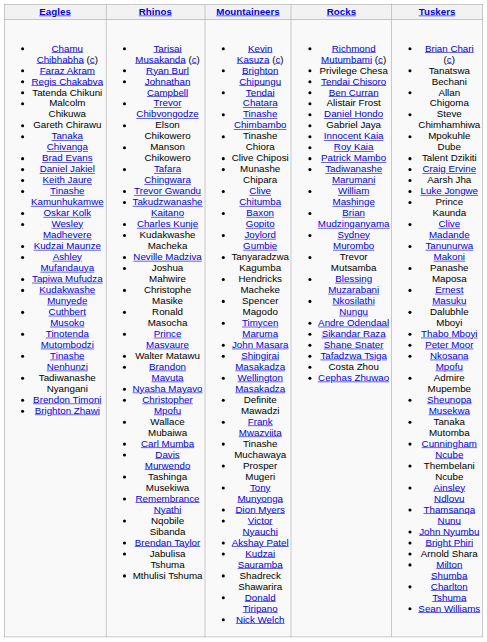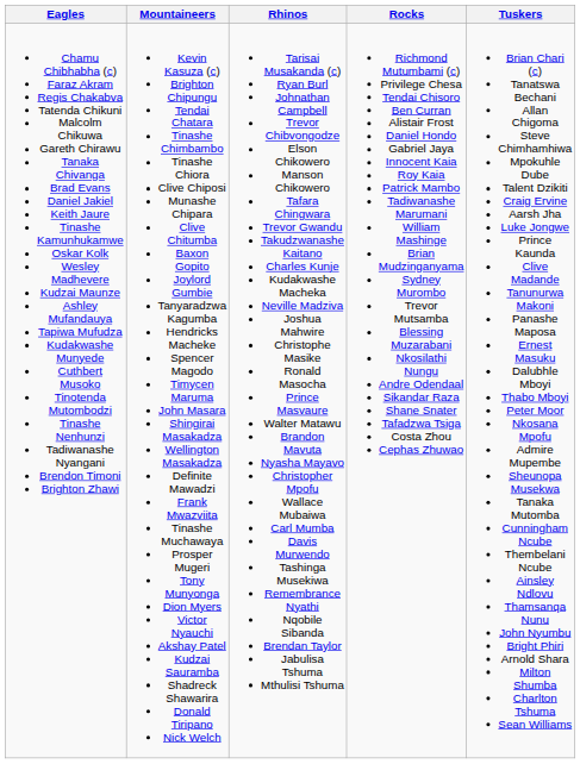 <table class="wikitable" style="text-align:center; margin:auto">
 <tr>
 <th><a href='#'>Eagles</a></th>
+<th><a href='#'>Mountaineers</a></th>
 <th><a href='#'>Rhinos</a></th>
-<th><a href='#'>Mountaineers</a></th>
 <th><a href='#'>Rocks</a></th>
 <th><a href='#'>Tuskers</a></th>
 </tr>
 <tr style="vertical-align:top">
 <td><br><ul><li><a href='#'>Chamu Chibhabha</a> (<a href='#'>c</a>)</li><li><a href='#'>Faraz Akram</a></li><li><a href='#'>Regis Chakabva</a></li><li>Tatenda Chikuni</li><li>Malcolm Chikuwa</li><li>Gareth Chirawu</li><li><a href='#'>Tanaka Chivanga</a></li><li><a href='#'>Brad Evans</a></li><li><a href='#'>Daniel Jakiel</a></li><li><a href='#'>Keith Jaure</a></li><li><a href='#'>Tinashe Kamunhukamwe</a></li><li><a href='#'>Oskar Kolk</a></li><li><a href='#'>Wesley Madhevere</a></li><li><a href='#'>Kudzai Maunze</a></li><li><a href='#'>Ashley Mufandauya</a></li><li><a href='#'>Tapiwa Mufudza</a></li><li><a href='#'>Kudakwashe Munyede</a></li><li><a href='#'>Cuthbert Musoko</a></li><li><a href='#'>Tinotenda Mutombodzi</a></li><li><a href='#'>Tinashe Nenhunzi</a></li><li>Tadiwanashe Nyangani</li><li><a href='#'>Brendon Timoni</a></li><li><a href='#'>Brighton Zhawi</a></li></ul></td>
+<td><br><ul><li><a href='#'>Kevin Kasuza</a> (<a href='#'>c</a>)</li><li><a href='#'>Brighton Chipungu</a></li><li><a href='#'>Tendai Chatara</a></li><li><a href='#'>Tinashe Chimbambo</a></li><li>Tinashe Chiora</li><li>Clive Chiposi</li><li>Munashe Chipara</li><li><a href='#'>Clive Chitumba</a></li><li><a href='#'>Baxon Gopito</a></li><li><a href='#'>Joylord Gumbie</a></li><li>Tanyaradzwa Kagumba</li><li>Hendricks Macheke</li><li>Spencer Magodo</li><li><a href='#'>Timycen Maruma</a></li><li><a href='#'>John Masara</a></li><li><a href='#'>Shingirai Masakadza</a></li><li><a href='#'>Wellington Masakadza</a></li><li>Definite Mawadzi</li><li><a href='#'>Frank Mwazviita</a></li><li>Tinashe Muchawaya</li><li>Prosper Mugeri</li><li><a href='#'>Tony Munyonga</a></li><li><a href='#'>Dion Myers</a></li><li><a href='#'>Victor Nyauchi</a></li><li><a href='#'>Akshay Patel</a></li><li><a href='#'>Kudzai Sauramba</a></li><li>Shadreck Shawarira</li><li><a href='#'>Donald Tiripano</a></li><li><a href='#'>Nick Welch</a></li></ul></td>
 <td><br><ul><li><a href='#'>Tarisai Musakanda</a> (<a href='#'>c</a>)</li><li><a href='#'>Ryan Burl</a></li><li><a href='#'>Johnathan Campbell</a></li><li><a href='#'>Trevor Chibvongodze</a></li><li>Elson Chikowero</li><li>Manson Chikowero</li><li><a href='#'>Tafara Chingwara</a></li><li><a href='#'>Trevor Gwandu</a></li><li><a href='#'>Takudzwanashe Kaitano</a></li><li><a href='#'>Charles Kunje</a></li><li>Kudakwashe Macheka</li><li><a href='#'>Neville Madziva</a></li><li>Joshua Mahwire</li><li>Christophe Masike</li><li>Ronald Masocha</li><li><a href='#'>Prince Masvaure</a></li><li>Walter Matawu</li><li><a href='#'>Brandon Mavuta</a></li><li><a href='#'>Nyasha Mayavo</a></li><li><a href='#'>Christopher Mpofu</a></li><li>Wallace Mubaiwa</li><li><a href='#'>Carl Mumba</a></li><li><a href='#'>Davis Murwendo</a></li><li>Tashinga Musekiwa</li><li><a href='#'>Remembrance Nyathi</a></li><li>Nqobile Sibanda</li><li><a href='#'>Brendan Taylor</a></li><li>Jabulisa Tshuma</li><li>Mthulisi Tshuma</li></ul></td>
-<td><br><ul><li><a href='#'>Kevin Kasuza</a> (<a href='#'>c</a>)</li><li><a href='#'>Brighton Chipungu</a></li><li><a href='#'>Tendai Chatara</a></li><li><a href='#'>Tinashe Chimbambo</a></li><li>Tinashe Chiora</li><li>Clive Chiposi</li><li>Munashe Chipara</li><li><a href='#'>Clive Chitumba</a></li><li><a href='#'>Baxon Gopito</a></li><li><a href='#'>Joylord Gumbie</a></li><li>Tanyaradzwa Kagumba</li><li>Hendricks Macheke</li><li>Spencer Magodo</li><li><a href='#'>Timycen Maruma</a></li><li><a href='#'>John Masara</a></li><li><a href='#'>Shingirai Masakadza</a></li><li><a href='#'>Wellington Masakadza</a></li><li>Definite Mawadzi</li><li><a href='#'>Frank Mwazviita</a></li><li>Tinashe Muchawaya</li><li>Prosper Mugeri</li><li><a href='#'>Tony Munyonga</a></li><li><a href='#'>Dion Myers</a></li><li><a href='#'>Victor Nyauchi</a></li><li><a href='#'>Akshay Patel</a></li><li><a href='#'>Kudzai Sauramba</a></li><li>Shadreck Shawarira</li><li><a href='#'>Donald Tiripano</a></li><li><a href='#'>Nick Welch</a></li></ul></td>
 <td><br><ul><li><a href='#'>Richmond Mutumbami</a> (<a href='#'>c</a>)</li><li>Privilege Chesa</li><li><a href='#'>Tendai Chisoro</a></li><li><a href='#'>Ben Curran</a></li><li>Alistair Frost</li><li><a href='#'>Daniel Hondo</a></li><li>Gabriel Jaya</li><li><a href='#'>Innocent Kaia</a></li><li><a href='#'>Roy Kaia</a></li><li><a href='#'>Patrick Mambo</a></li><li><a href='#'>Tadiwanashe Marumani</a></li><li><a href='#'>William Mashinge</a></li><li><a href='#'>Brian Mudzinganyama</a></li><li><a href='#'>Sydney Murombo</a></li><li>Trevor Mutsamba</li><li><a href='#'>Blessing Muzarabani</a></li><li><a href='#'>Nkosilathi Nungu</a></li><li><a href='#'>Andre Odendaal</a></li><li><a href='#'>Sikandar Raza</a></li><li><a href='#'>Shane Snater</a></li><li><a href='#'>Tafadzwa Tsiga</a></li><li>Costa Zhou</li><li><a href='#'>Cephas Zhuwao</a></li></ul></td>
 <td><br><ul><li><a href='#'>Brian Chari</a> (<a href='#'>c</a>)</li><li>Tanatswa Bechani</li><li>Allan Chigoma</li><li>Steve Chimhamhiwa</li><li>Mpokuhle Dube</li><li>Talent Dzikiti</li><li><a href='#'>Craig Ervine</a></li><li>Aarsh Jha</li><li><a href='#'>Luke Jongwe</a></li><li>Prince Kaunda</li><li><a href='#'>Clive Madande</a></li><li><a href='#'>Tanunurwa Makoni</a></li><li>Panashe Maposa</li><li><a href='#'>Ernest Masuku</a></li><li>Dalubhle Mboyi</li><li><a href='#'>Thabo Mboyi</a></li><li><a href='#'>Peter Moor</a></li><li><a href='#'>Nkosana Mpofu</a></li><li>Admire Mupembe</li><li><a href='#'>Sheunopa Musekwa</a></li><li>Tanaka Mutomba</li><li><a href='#'>Cunningham Ncube</a></li><li>Thembelani Ncube</li><li><a href='#'>Ainsley Ndlovu</a></li><li><a href='#'>Thamsanqa Nunu</a></li><li><a href='#'>John Nyumbu</a></li><li><a href='#'>Bright Phiri</a></li><li>Arnold Shara</li><li><a href='#'>Milton Shumba</a></li><li><a href='#'>Charlton Tshuma</a></li><li><a href='#'>Sean Williams</a></li></ul></td>
 </tr>
 </table>
